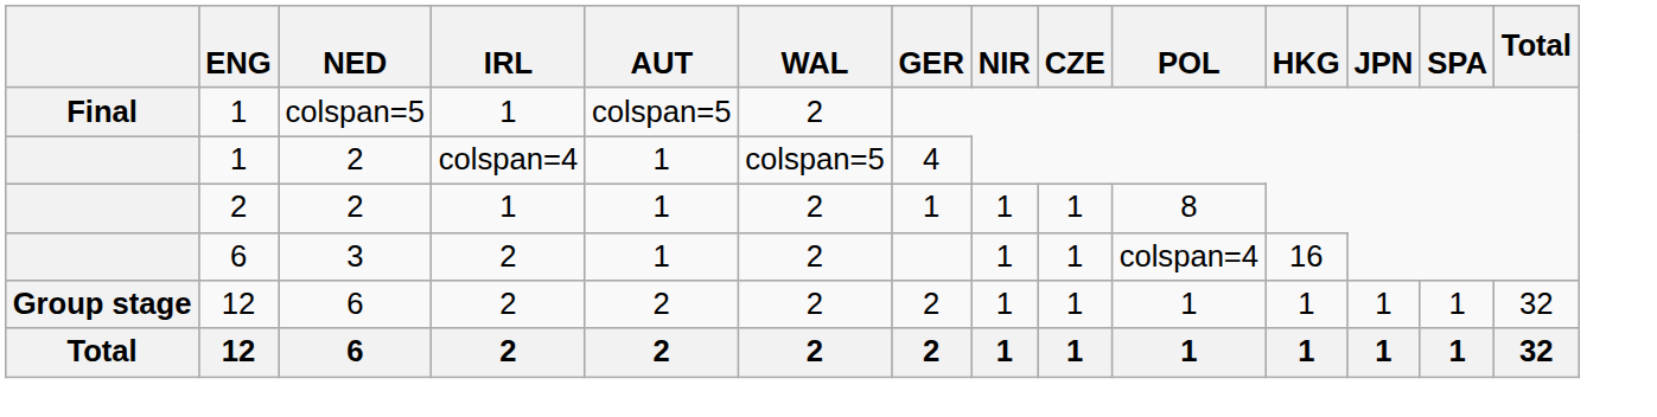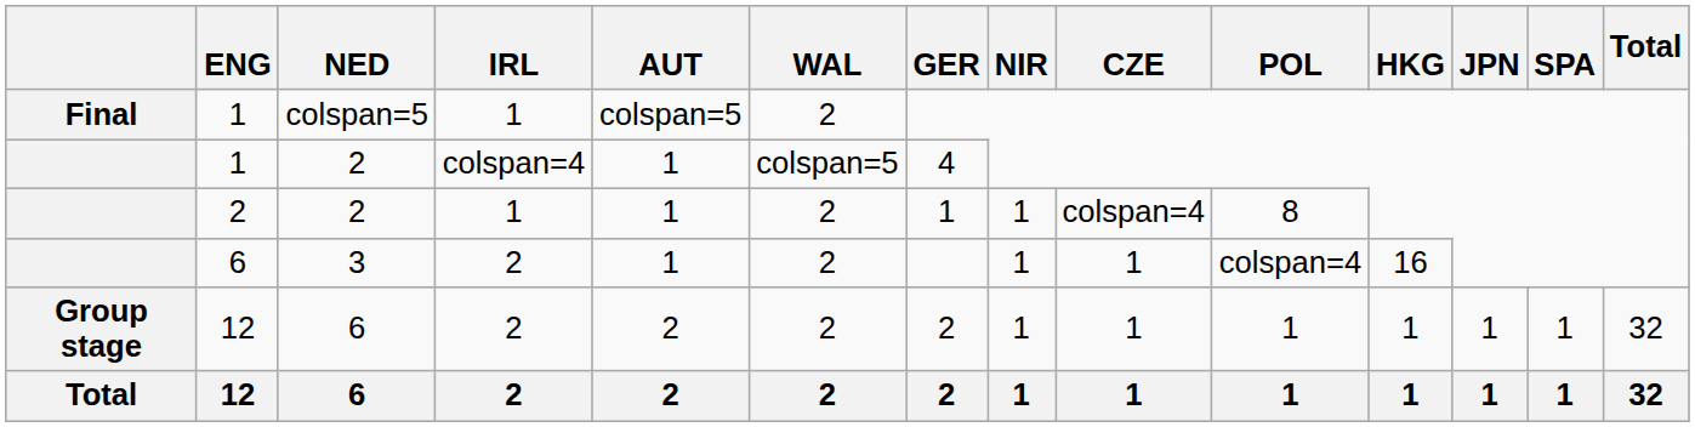 <table class="wikitable">
 <tr>
 <th></th>
 <th><br>ENG</th>
 <th><br>NED</th>
 <th><br>IRL</th>
 <th><br>AUT</th>
 <th><br>WAL</th>
 <th><br>GER</th>
 <th><br>NIR</th>
 <th><br>CZE</th>
 <th><br>POL</th>
 <th><br>HKG</th>
 <th><br>JPN</th>
 <th><br>SPA</th>
 <th>Total</th>
 </tr>
 <tr align="center">
 <th>Final</th>
 <td>1</td>
 <td>colspan=5 </td>
 <td>1</td>
 <td>colspan=5 </td>
 <td>2</td>
 </tr>
 <tr align="center">
 <th></th>
 <td>1</td>
 <td>2</td>
 <td>colspan=4 </td>
 <td>1</td>
 <td>colspan=5 </td>
 <td>4</td>
 </tr>
 <tr align="center">
 <th></th>
 <td>2</td>
 <td>2</td>
 <td>1</td>
 <td>1</td>
 <td>2</td>
 <td>1</td>
 <td>1</td>
-<td>1</td>
+<td>colspan=4 </td>
 <td>8</td>
 </tr>
 <tr align="center">
 <th></th>
 <td>6</td>
 <td>3</td>
 <td>2</td>
 <td>1</td>
 <td>2</td>
 <td></td>
 <td>1</td>
 <td>1</td>
 <td>colspan=4 </td>
 <td>16</td>
 </tr>
 <tr align="center">
 <th>Group stage</th>
 <td>12</td>
 <td>6</td>
 <td>2</td>
 <td>2</td>
 <td>2</td>
 <td>2</td>
 <td>1</td>
 <td>1</td>
 <td>1</td>
 <td>1</td>
 <td>1</td>
 <td>1</td>
 <td>32</td>
 </tr>
 <tr align="center">
 <th>Total</th>
 <th>12</th>
 <th>6</th>
 <th>2</th>
 <th>2</th>
 <th>2</th>
 <th>2</th>
 <th>1</th>
 <th>1</th>
 <th>1</th>
 <th>1</th>
 <th>1</th>
 <th>1</th>
 <th>32</th>
 </tr>
 </table>
